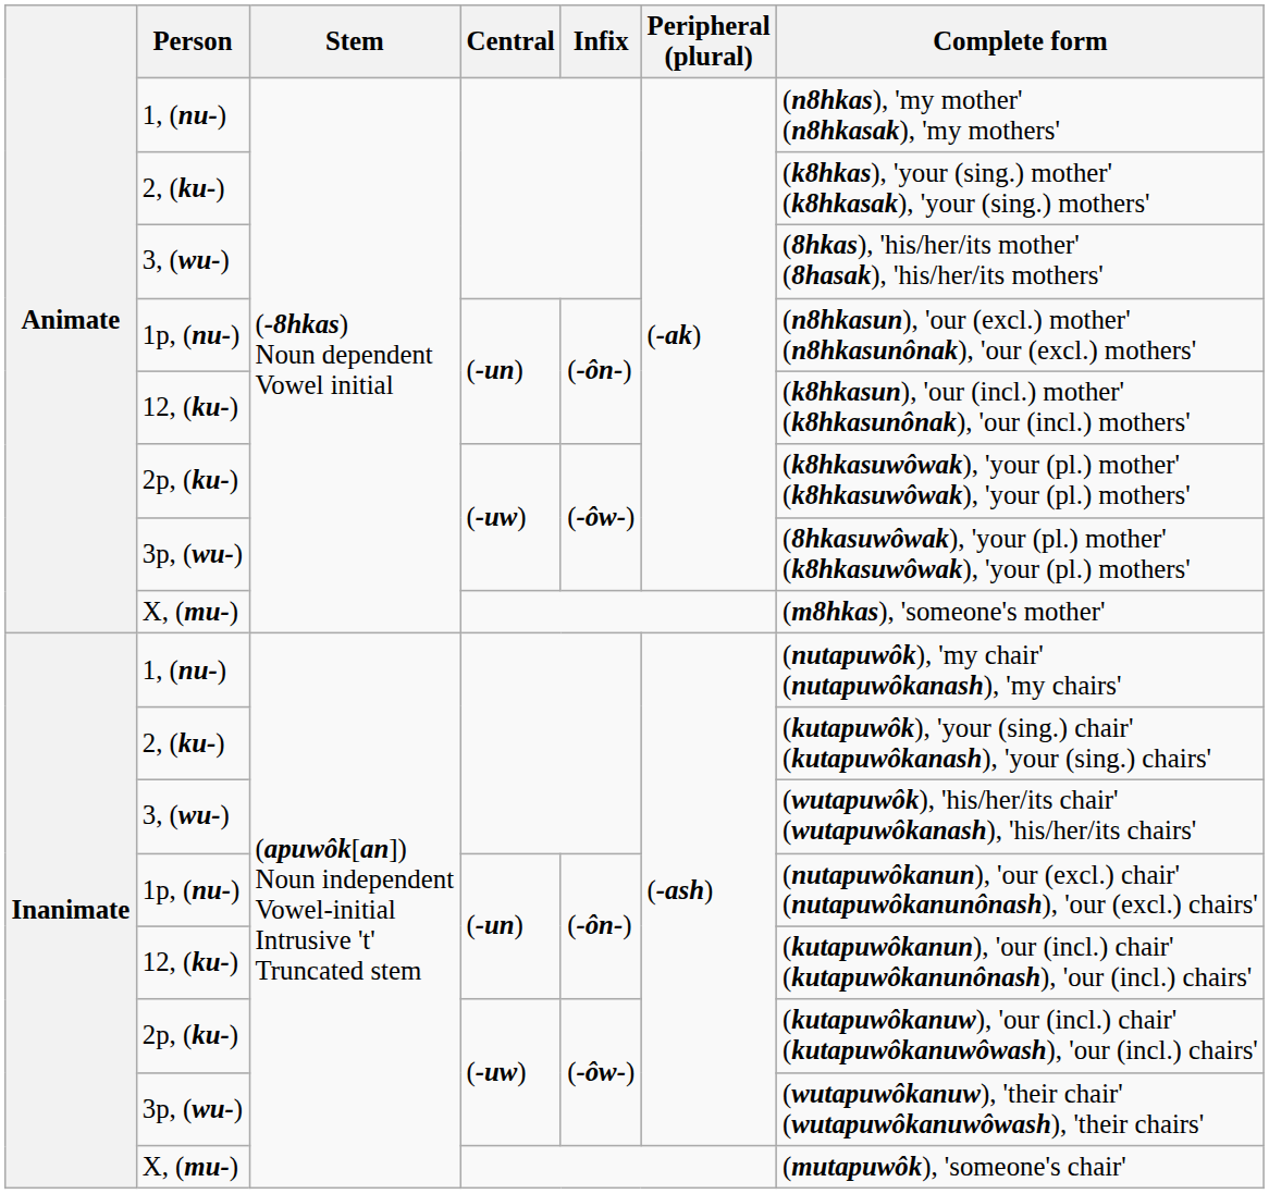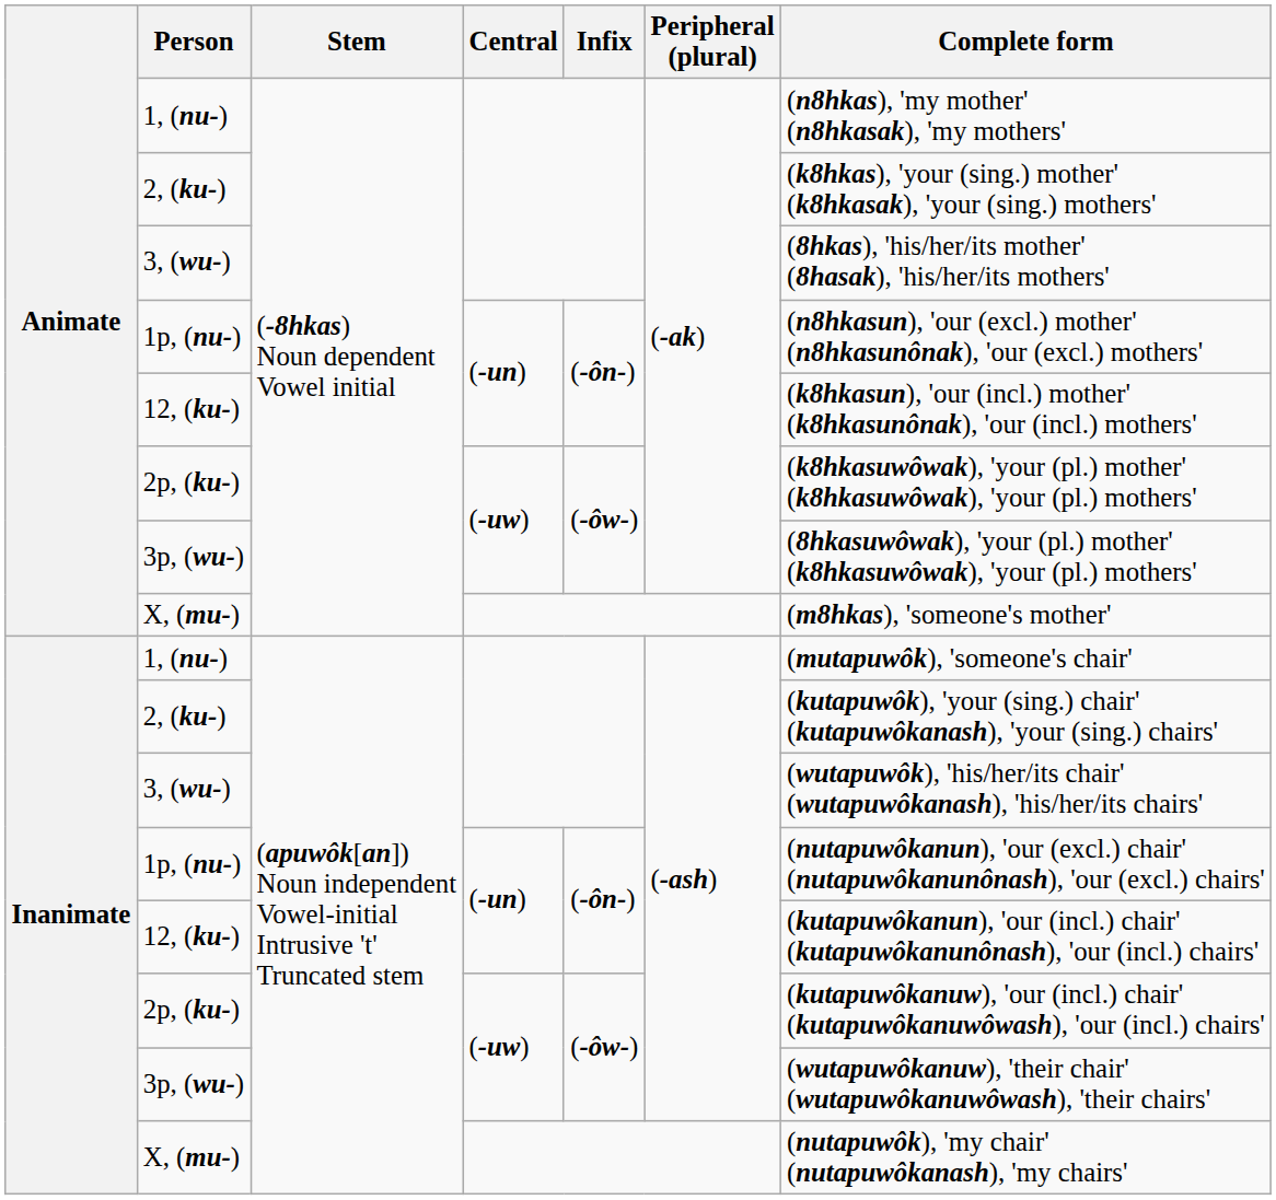 <table class="wikitable">
 <tr>
 <th rowspan="9">Animate</th>
 <th>Person</th>
 <th>Stem</th>
 <th>Central</th>
 <th>Infix</th>
 <th>Peripheral<br>(plural)</th>
 <th>Complete form</th>
 </tr>
 <tr>
 <td>1, (<strong><em>nu-</em></strong>)</td>
 <td rowspan="8">(<strong><em>-8hkas</em></strong>)<br>Noun dependent<br> Vowel initial</td>
 <td rowspan="3" colspan="2"></td>
 <td rowspan="7">(<strong><em>-ak</em></strong>)</td>
 <td>(<strong><em>n8hkas</em></strong>), 'my mother'<br>(<strong><em>n8hkasak</em></strong>), 'my mothers'</td>
 </tr>
 <tr>
 <td>2, (<strong><em>ku-</em></strong>)</td>
 <td>(<strong><em>k8hkas</em></strong>), 'your (sing.) mother'<br>(<strong><em>k8hkasak</em></strong>), 'your (sing.) mothers'</td>
 </tr>
 <tr>
 <td>3, (<strong><em>wu-</em></strong>)</td>
 <td>(<strong><em>8hkas</em></strong>), 'his/her/its mother'<br>(<strong><em>8hasak</em></strong>), 'his/her/its mothers'</td>
 </tr>
 <tr>
 <td>1p, (<strong><em>nu-</em></strong>)</td>
 <td rowspan="2">(<strong><em>-un</em></strong>)</td>
 <td rowspan="2">(<strong><em>-ôn-</em></strong>)</td>
 <td>(<strong><em>n8hkasun</em></strong>), 'our (excl.) mother'<br>(<strong><em>n8hkasunônak</em></strong>), 'our (excl.) mothers'</td>
 </tr>
 <tr>
 <td>12, (<strong><em>ku-</em></strong>)</td>
 <td>(<strong><em>k8hkasun</em></strong>), 'our (incl.) mother'<br>(<strong><em>k8hkasunônak</em></strong>), 'our (incl.) mothers'</td>
 </tr>
 <tr>
 <td>2p, (<strong><em>ku-</em></strong>)</td>
 <td rowspan="2">(<strong><em>-uw</em></strong>)</td>
 <td rowspan="2">(<strong><em>-ôw-</em></strong>)</td>
 <td>(<strong><em>k8hkasuwôwak</em></strong>), 'your (pl.) mother'<br>(<strong><em>k8hkasuwôwak</em></strong>), 'your (pl.) mothers'</td>
 </tr>
 <tr>
 <td>3p, (<strong><em>wu-</em></strong>)</td>
 <td>(<strong><em>8hkasuwôwak</em></strong>), 'your (pl.) mother'<br>(<strong><em>k8hkasuwôwak</em></strong>), 'your (pl.) mothers'</td>
 </tr>
 <tr>
 <td>X, (<strong><em>mu-</em></strong>)</td>
 <td colspan="3"></td>
 <td>(<strong><em>m8hkas</em></strong>), 'someone's mother'</td>
 </tr>
 <tr>
 <th rowspan="8">Inanimate</th>
 <td>1, (<strong><em>nu-</em></strong>)</td>
 <td rowspan="8">(<strong><em>apuwôk</em></strong>[<strong><em>an</em></strong>])<br>Noun independent<br>  Vowel-initial<br> Intrusive 't'<br> Truncated stem<br></td>
 <td rowspan="3" colspan="2"></td>
 <td rowspan="7">(<strong><em>-ash</em></strong>)</td>
-<td>(<strong><em>nutapuwôk</em></strong>), 'my chair'<br>(<strong><em>nutapuwôkanash</em></strong>), 'my chairs'</td>
+<td>(<strong><em>mutapuwôk</em></strong>), 'someone's chair'</td>
 </tr>
 <tr>
 <td>2, (<strong><em>ku-</em></strong>)</td>
 <td>(<strong><em>kutapuwôk</em></strong>), 'your (sing.) chair'<br>(<strong><em>kutapuwôkanash</em></strong>), 'your (sing.) chairs'</td>
 </tr>
 <tr>
 <td>3, (<strong><em>wu-</em></strong>)</td>
 <td>(<strong><em>wutapuwôk</em></strong>), 'his/her/its chair'<br>(<strong><em>wutapuwôkanash</em></strong>), 'his/her/its chairs'</td>
 </tr>
 <tr>
 <td>1p, (<strong><em>nu-</em></strong>)</td>
 <td rowspan="2">(<strong><em>-un</em></strong>)</td>
 <td rowspan="2">(<strong><em>-ôn-</em></strong>)</td>
 <td>(<strong><em>nutapuwôkanun</em></strong>), 'our (excl.) chair'<br>(<strong><em>nutapuwôkanunônash</em></strong>), 'our (excl.) chairs'</td>
 </tr>
 <tr>
 <td>12, (<strong><em>ku-</em></strong>)</td>
 <td>(<strong><em>kutapuwôkanun</em></strong>), 'our (incl.) chair'<br>(<strong><em>kutapuwôkanunônash</em></strong>), 'our (incl.) chairs'</td>
 </tr>
 <tr>
 <td>2p, (<strong><em>ku-</em></strong>)</td>
 <td rowspan="2">(<strong><em>-uw</em></strong>)</td>
 <td rowspan="2">(<strong><em>-ôw-</em></strong>)</td>
 <td>(<strong><em>kutapuwôkanuw</em></strong>), 'our (incl.) chair'<br>(<strong><em>kutapuwôkanuwôwash</em></strong>), 'our (incl.) chairs'</td>
 </tr>
 <tr>
 <td>3p, (<strong><em>wu-</em></strong>)</td>
 <td>(<strong><em>wutapuwôkanuw</em></strong>), 'their chair'<br>(<strong><em>wutapuwôkanuwôwash</em></strong>), 'their chairs'</td>
 </tr>
 <tr>
 <td>X, (<strong><em>mu-</em></strong>)</td>
 <td colspan="3"></td>
-<td>(<strong><em>mutapuwôk</em></strong>), 'someone's chair'</td>
+<td>(<strong><em>nutapuwôk</em></strong>), 'my chair'<br>(<strong><em>nutapuwôkanash</em></strong>), 'my chairs'</td>
 </tr>
 </table>
